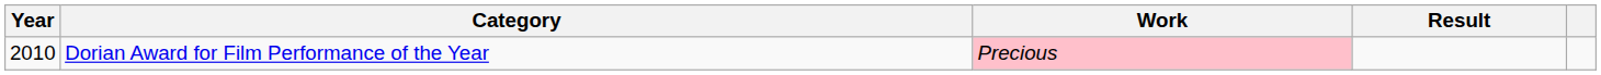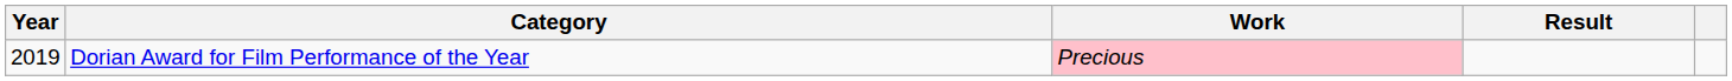 <table class="wikitable">
 <tr>
 <th scope="col" style="width:1em;">Year</th>
 <th scope="col" style="width:44em;">Category</th>
 <th scope="col" style="width:18em;">Work</th>
 <th scope="col" style="width:10em;">Result</th>
 <th class="unsortable" style="width:1em;"></th>
 </tr>
 <tr>
-<td>2010</td>
+<td>2019</td>
 <td><a href='#'>Dorian Award for Film Performance of the Year</a> </td>
 <td style="background: pink;"><em>Precious</em></td>
 <td></td>
 <td></td>
 </tr>
 </table>
